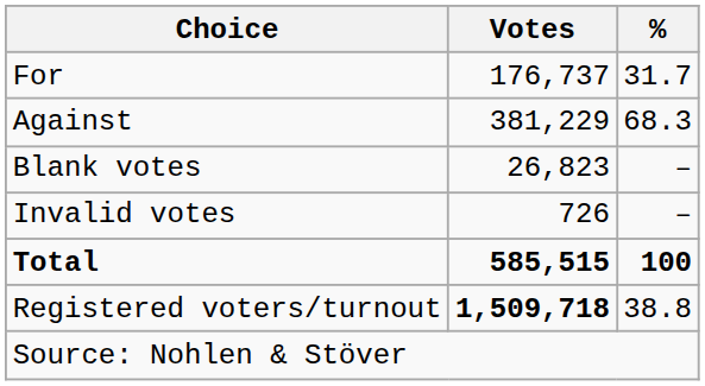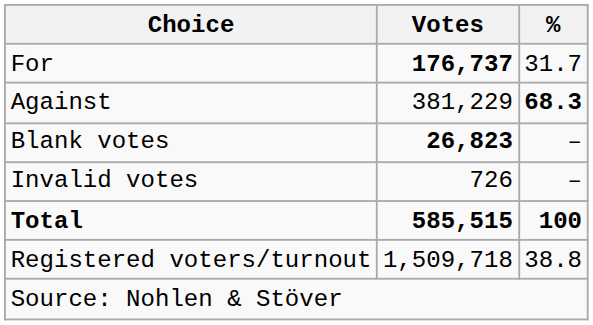 <table class=wikitable style=text-align:right>
 <tr>
 <th>Choice</th>
 <th>Votes</th>
 <th>%</th>
 </tr>
 <tr>
 <td align=left>For</td>
-<td>176,737</td>
+<td><strong>176,737</strong></td>
 <td>31.7</td>
 </tr>
 <tr>
 <td align=left>Against</td>
 <td>381,229</td>
-<td>68.3</td>
+<td><strong>68.3</strong></td>
 </tr>
 <tr>
 <td align=left>Blank votes</td>
-<td>26,823</td>
+<td><strong>26,823</strong></td>
 <td>–</td>
 </tr>
 <tr>
 <td align=left>Invalid votes</td>
 <td>726</td>
 <td>–</td>
 </tr>
 <tr>
 <td align=left><strong>Total</strong></td>
 <td><strong>585,515</strong></td>
 <td><strong>100</strong></td>
 </tr>
 <tr>
 <td align=left>Registered voters/turnout</td>
-<td><strong>1,509,718</strong></td>
+<td>1,509,718</td>
 <td>38.8</td>
 </tr>
 <tr>
 <td align=left colspan=3>Source: Nohlen & Stöver</td>
 </tr>
 </table>
